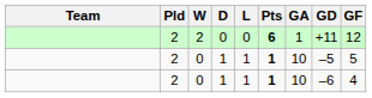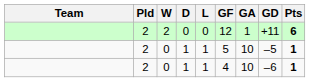 <table class="wikitable" style="text-align: center;">
 <tr>
 <th width="175">Team</th>
 <th width="20">Pld</th>
 <th width="20">W</th>
 <th width="20">D</th>
 <th width="20">L</th>
-<th width="20">Pts<br></th>
+<th width="20">GF</th>
 <th width="20">GA</th>
 <th width="20">GD</th>
-<th width="20">GF</th>
+<th width="20">Pts<br></th>
 </tr>
 <tr align=center bgcolor="ccffcc">
 <td style="text-align:left;"></td>
 <td>2</td>
 <td>2</td>
 <td>0</td>
 <td>0</td>
-<td><strong>6</strong></td>
+<td>12</td>
 <td>1</td>
 <td>+11</td>
-<td>12</td>
+<td><strong>6</strong></td>
 </tr>
 <tr align=center>
 <td style="text-align:left;"></td>
 <td>2</td>
 <td>0</td>
 <td>1</td>
 <td>1</td>
-<td><strong>1</strong></td>
+<td>5</td>
 <td>10</td>
 <td>–5</td>
-<td>5</td>
+<td><strong>1</strong></td>
 </tr>
 <tr align=center>
 <td style="text-align:left;"></td>
 <td>2</td>
 <td>0</td>
 <td>1</td>
 <td>1</td>
-<td><strong>1</strong></td>
+<td>4</td>
 <td>10</td>
 <td>–6</td>
-<td>4</td>
+<td><strong>1</strong></td>
 </tr>
 </table>
